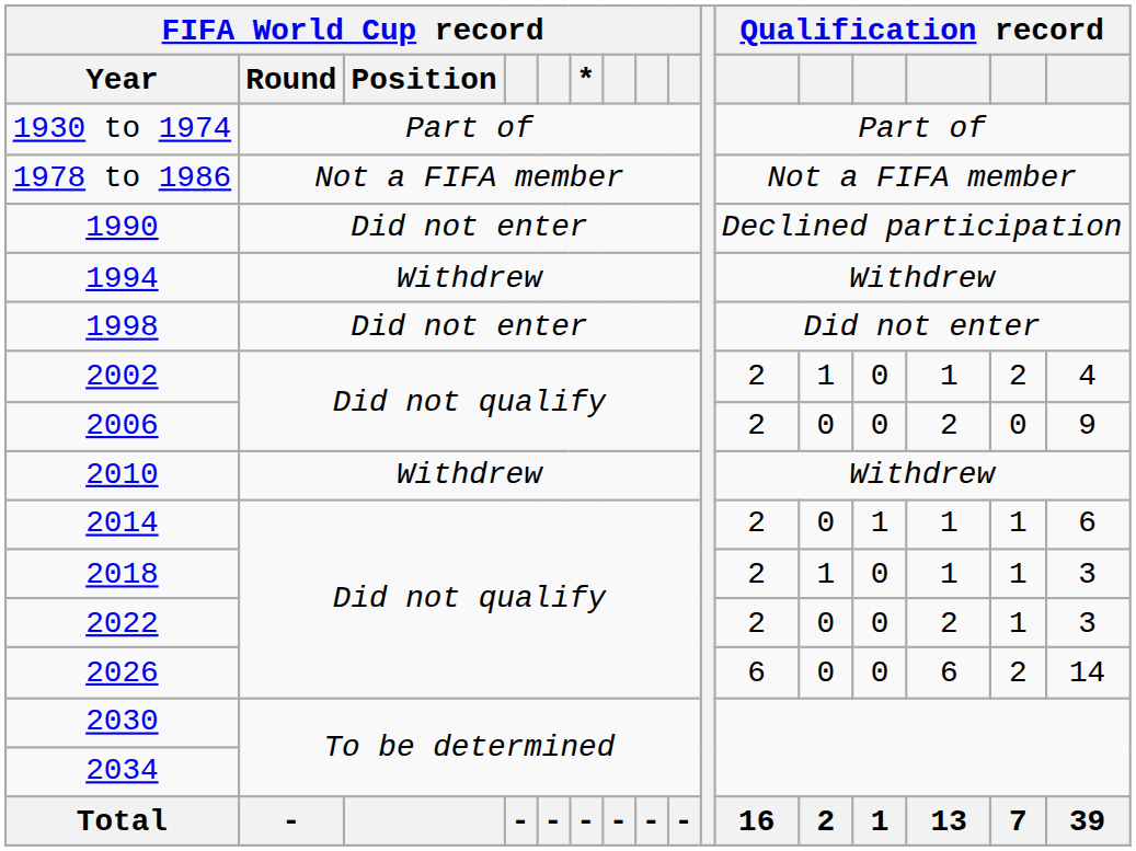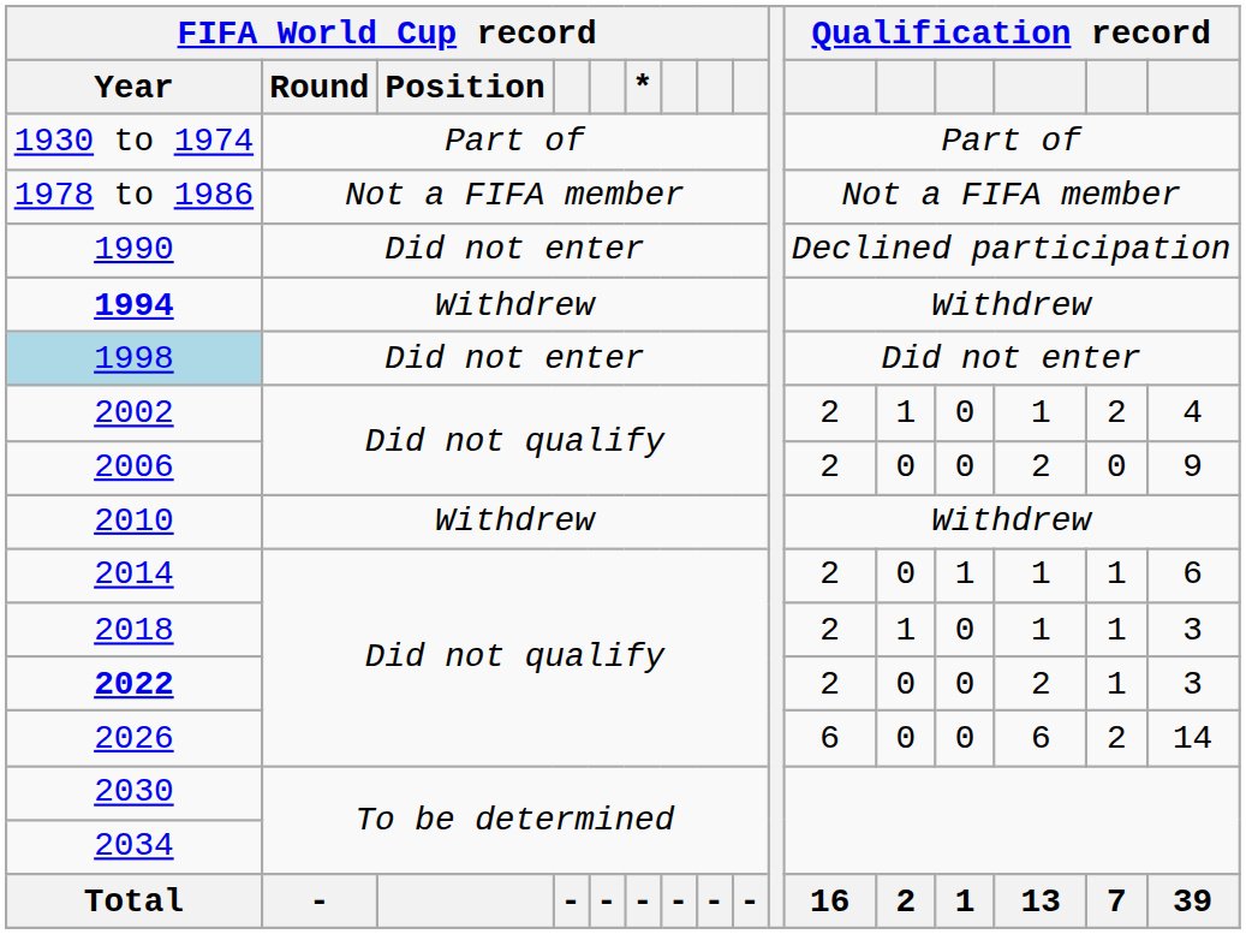 <table class="wikitable" style="text-align: center;">
 <tr>
 <th colspan=9><a href='#'>FIFA World Cup</a> record</th>
 <th rowspan=41></th>
 <th colspan=6><a href='#'>Qualification</a> record</th>
 </tr>
 <tr>
 <th>Year</th>
 <th>Round</th>
 <th>Position</th>
 <th></th>
 <th></th>
 <th>*</th>
 <th></th>
 <th></th>
 <th></th>
 <th></th>
 <th></th>
 <th></th>
 <th></th>
 <th></th>
 <th></th>
 </tr>
 <tr>
 <td><a href='#'>1930</a> to <a href='#'>1974</a></td>
 <td colspan=8><em>Part of </em></td>
 <td colspan=6><em>Part of </em></td>
 </tr>
 <tr>
 <td><a href='#'>1978</a> to <a href='#'>1986</a></td>
 <td colspan=8><em>Not a FIFA member</em></td>
 <td colspan=6><em>Not a FIFA member</em></td>
 </tr>
 <tr>
 <td> <a href='#'>1990</a></td>
 <td colspan=8><em>Did not enter</em></td>
 <td colspan=6><em>Declined participation</em></td>
 </tr>
 <tr>
-<td> <a href='#'>1994</a></td>
+<td><strong> <a href='#'>1994</a></strong></td>
 <td colspan=8><em>Withdrew</em></td>
 <td colspan=6><em>Withdrew</em></td>
 </tr>
 <tr>
-<td> <a href='#'>1998</a></td>
+<td style="background: lightblue;"> <a href='#'>1998</a></td>
 <td colspan=8><em>Did not enter</em></td>
 <td colspan=6><em>Did not enter</em></td>
 </tr>
 <tr>
 <td>  <a href='#'>2002</a></td>
 <td colspan=8 rowspan=2><em>Did not qualify</em></td>
 <td>2</td>
 <td>1</td>
 <td>0</td>
 <td>1</td>
 <td>2</td>
 <td>4</td>
 </tr>
 <tr>
 <td> <a href='#'>2006</a></td>
 <td>2</td>
 <td>0</td>
 <td>0</td>
 <td>2</td>
 <td>0</td>
 <td>9</td>
 </tr>
 <tr>
 <td> <a href='#'>2010</a></td>
 <td colspan=8><em>Withdrew</em></td>
 <td colspan=6><em>Withdrew</em></td>
 </tr>
 <tr>
 <td> <a href='#'>2014</a></td>
 <td colspan=8 rowspan=4><em>Did not qualify</em></td>
 <td>2</td>
 <td>0</td>
 <td>1</td>
 <td>1</td>
 <td>1</td>
 <td>6</td>
 </tr>
 <tr>
 <td> <a href='#'>2018</a></td>
 <td>2</td>
 <td>1</td>
 <td>0</td>
 <td>1</td>
 <td>1</td>
 <td>3</td>
 </tr>
 <tr>
-<td> <a href='#'>2022</a></td>
+<td><strong> <a href='#'>2022</a></strong></td>
 <td>2</td>
 <td>0</td>
 <td>0</td>
 <td>2</td>
 <td>1</td>
 <td>3</td>
 </tr>
 <tr>
 <td>   <a href='#'>2026</a></td>
 <td>6</td>
 <td>0</td>
 <td>0</td>
 <td>6</td>
 <td>2</td>
 <td>14</td>
 </tr>
 <tr>
 <td>   <a href='#'>2030</a></td>
 <td colspan=8 rowspan=2><em>To be determined</em></td>
 </tr>
 <tr>
 <td> <a href='#'>2034</a></td>
 </tr>
 <tr>
 <th>Total</th>
 <th>-</th>
 <th></th>
 <th>-</th>
 <th>-</th>
 <th>-</th>
 <th>-</th>
 <th>-</th>
 <th>-</th>
 <th>16</th>
 <th>2</th>
 <th>1</th>
 <th>13</th>
 <th>7</th>
 <th>39</th>
 </tr>
 </table>
